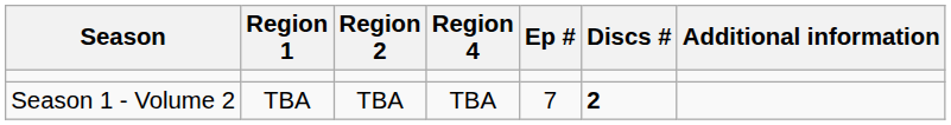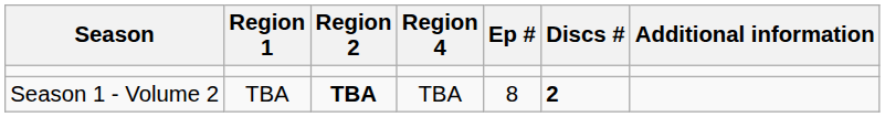 <table class="wikitable" style="text-align:center;">
 <tr>
 <th>Season</th>
 <th>Region<br>1</th>
 <th>Region<br>2</th>
 <th>Region<br>4</th>
 <th style="white-space:nowrap;">Ep #</th>
 <th style="white-space:nowrap;">Discs #</th>
 <th>Additional information</th>
 </tr>
 <tr>
 <td style="white-space:nowrap;"></td>
 <td style="white-space:nowrap;"></td>
 <td style="white-space:nowrap;"></td>
 <td style="white-space:nowrap;"></td>
 <td></td>
 <td></td>
 <td style="text-align:left;"></td>
 </tr>
 <tr>
 <td>Season 1 - Volume 2</td>
 <td>TBA</td>
+<td><strong>TBA</strong></td>
 <td>TBA</td>
-<td>TBA</td>
-<td style="text-align:center;">7</td>
+<td style="text-align:center;">8</td>
 <td style="text-align:left"><strong>2</strong></td>
 </tr>
 </table>
